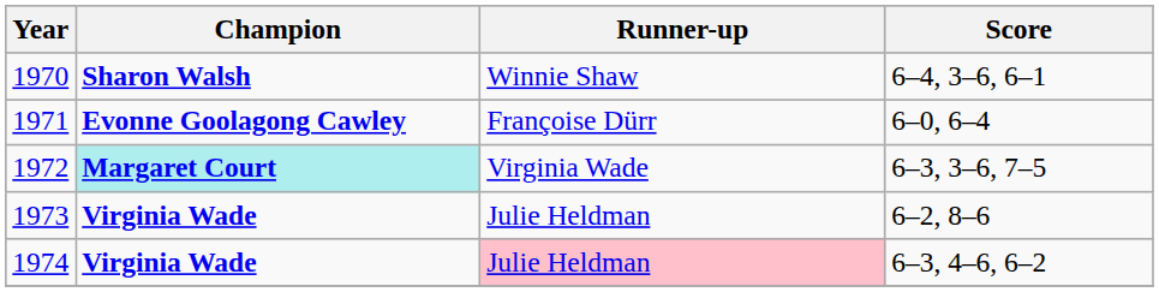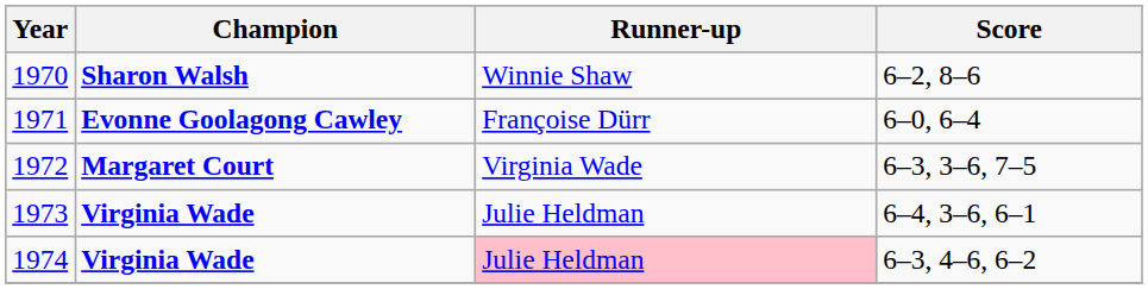 <table class="wikitable" style="font-size:90%">
 <tr>
 <th>Year</th>
 <th width="200">Champion</th>
 <th width="200">Runner-up</th>
 <th width="130">Score</th>
 </tr>
 <tr>
 <td><a href='#'>1970</a></td>
 <td> <strong><a href='#'>Sharon Walsh</a></strong></td>
 <td> <a href='#'>Winnie Shaw</a></td>
-<td>6–4, 3–6, 6–1</td>
+<td>6–2, 8–6</td>
 </tr>
 <tr>
 <td><a href='#'>1971</a></td>
 <td> <strong><a href='#'>Evonne Goolagong Cawley</a></strong></td>
 <td> <a href='#'>Françoise Dürr</a></td>
 <td>6–0, 6–4</td>
 </tr>
 <tr>
 <td><a href='#'>1972</a></td>
-<td style="background: paleturquoise;"> <strong><a href='#'>Margaret Court</a></strong></td>
+<td> <strong><a href='#'>Margaret Court</a></strong></td>
 <td> <a href='#'>Virginia Wade</a></td>
 <td>6–3, 3–6, 7–5</td>
 </tr>
 <tr>
 <td><a href='#'>1973</a></td>
 <td> <strong><a href='#'>Virginia Wade</a></strong></td>
 <td> <a href='#'>Julie Heldman</a></td>
-<td>6–2, 8–6</td>
+<td>6–4, 3–6, 6–1</td>
 </tr>
 <tr>
 <td><a href='#'>1974</a></td>
 <td> <strong><a href='#'>Virginia Wade</a></strong></td>
 <td style="background: pink;"> <a href='#'>Julie Heldman</a></td>
 <td>6–3, 4–6, 6–2</td>
 </tr>
 <tr>
 </tr>
 </table>
